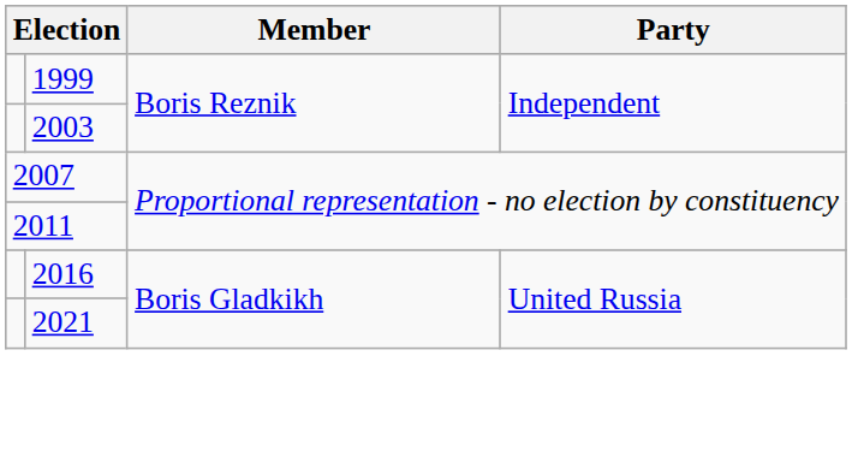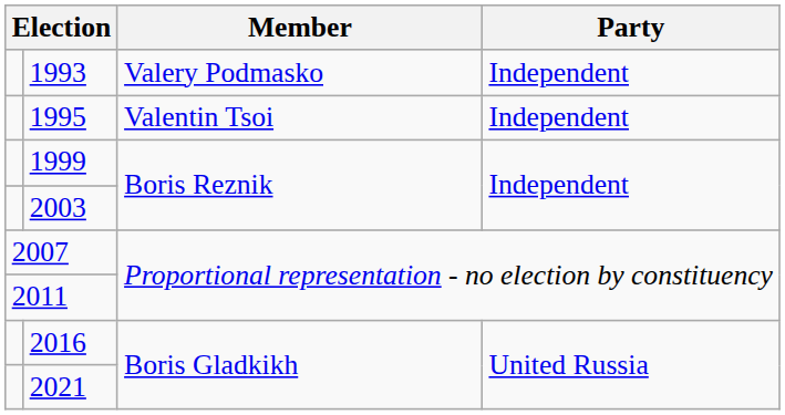 <table class="wikitable">
 <tr>
 <th colspan="2">Election</th>
 <th>Member</th>
 <th>Party</th>
+</tr>
+<tr>
+<td style="background-color: "></td>
+<td><a href='#'>1993</a></td>
+<td><a href='#'>Valery Podmasko</a></td>
+<td><a href='#'>Independent</a></td>
+</tr>
+<tr>
+<td style="background-color: "></td>
+<td><a href='#'>1995</a></td>
+<td><a href='#'>Valentin Tsoi</a></td>
+<td><a href='#'>Independent</a></td>
 </tr>
 <tr>
 <td style="background-color: "></td>
 <td><a href='#'>1999</a></td>
 <td rowspan=2><a href='#'>Boris Reznik</a></td>
 <td rowspan=2><a href='#'>Independent</a></td>
 </tr>
 <tr>
 <td style="background-color: "></td>
 <td><a href='#'>2003</a></td>
 </tr>
 <tr>
 <td colspan=2><a href='#'>2007</a></td>
 <td colspan=2 rowspan=2><em><a href='#'>Proportional representation</a> - no election by constituency</em></td>
 </tr>
 <tr>
 <td colspan=2><a href='#'>2011</a></td>
 </tr>
 <tr>
 <td style="background-color: "></td>
 <td><a href='#'>2016</a></td>
 <td rowspan=2><a href='#'>Boris Gladkikh</a></td>
 <td rowspan=2><a href='#'>United Russia</a></td>
 </tr>
 <tr>
 <td style="background-color: "></td>
 <td><a href='#'>2021</a></td>
 </tr>
 </table>
